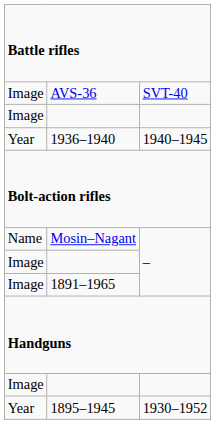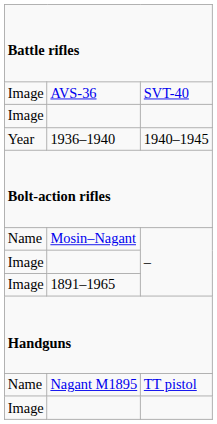 <table class="wikitable">
 <tr>
 <td colspan="3"><br><h4>Battle rifles</h4></td>
 </tr>
 <tr>
 <td>Image</td>
 <td><a href='#'>AVS-36</a></td>
 <td><a href='#'>SVT-40</a></td>
 </tr>
 <tr>
 <td>Image</td>
 <td></td>
 <td></td>
 </tr>
 <tr>
 <td>Year</td>
 <td>1936–1940</td>
 <td>1940–1945</td>
 </tr>
 <tr>
 <td colspan="3"><br><h4>Bolt-action rifles</h4></td>
 </tr>
 <tr>
 <td>Name</td>
 <td><a href='#'>Mosin–Nagant</a></td>
 <td rowspan="3">–</td>
 </tr>
 <tr>
 <td>Image</td>
 <td></td>
 </tr>
 <tr>
 <td>Image</td>
 <td>1891–1965</td>
 </tr>
 <tr>
 <td colspan="3"><br><h4>Handguns</h4></td>
 </tr>
 <tr>
+<td>Name</td>
+<td><a href='#'>Nagant M1895</a></td>
+<td><a href='#'>TT pistol</a></td>
+</tr>
+<tr>
 <td>Image</td>
 <td></td>
 <td></td>
 </tr>
-<tr>
-<td>Year</td>
-<td>1895–1945</td>
-<td>1930–1952</td>
-</tr>
 </table>
